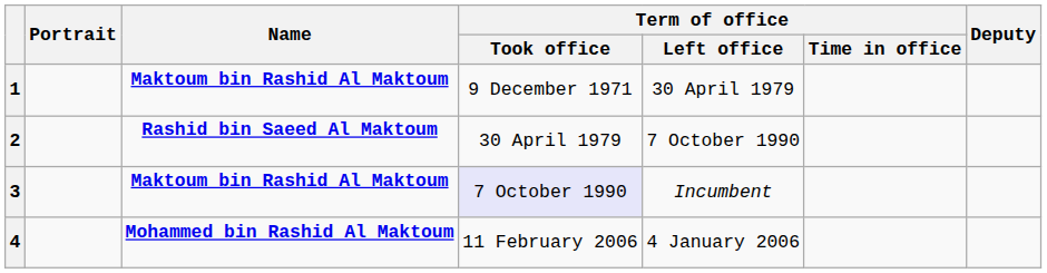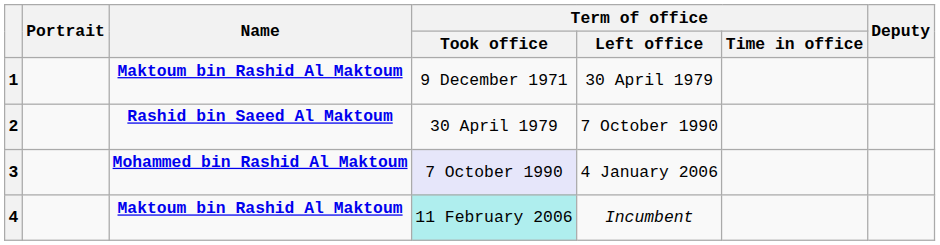 <table class="wikitable" style="text-align:center">
 <tr>
 <th rowspan="2"></th>
 <th rowspan="2">Portrait</th>
 <th rowspan="2">Name</th>
 <th colspan="3">Term of office</th>
 <th rowspan="2">Deputy</th>
 </tr>
 <tr>
 <th>Took office</th>
 <th>Left office</th>
 <th>Time in office</th>
 </tr>
 <tr>
 <th>1</th>
 <td></td>
 <td><strong><a href='#'>Maktoum bin Rashid Al Maktoum</a></strong><br><br></td>
 <td>9 December 1971</td>
 <td>30 April 1979</td>
 <td></td>
 <td></td>
 </tr>
 <tr>
 <th>2</th>
 <td></td>
 <td><strong><a href='#'>Rashid bin Saeed Al Maktoum</a></strong><br><br></td>
 <td>30 April 1979</td>
 <td>7 October 1990<br></td>
 <td></td>
 <td></td>
 </tr>
 <tr>
 <th>3</th>
 <td></td>
-<td><strong><a href='#'>Maktoum bin Rashid Al Maktoum</a></strong><br><br></td>
+<td><strong><a href='#'>Mohammed bin Rashid Al Maktoum</a></strong><br><br></td>
 <td style="background: lavender;">7 October 1990</td>
-<td><em>Incumbent</em></td>
+<td>4 January 2006<br></td>
 <td></td>
 <td></td>
 </tr>
 <tr>
 <th>4</th>
 <td></td>
-<td><strong><a href='#'>Mohammed bin Rashid Al Maktoum</a></strong><br><br></td>
-<td>11 February 2006</td>
-<td>4 January 2006<br></td>
+<td><strong><a href='#'>Maktoum bin Rashid Al Maktoum</a></strong><br><br></td>
+<td style="background: paleturquoise;">11 February 2006</td>
+<td><em>Incumbent</em></td>
 <td></td>
 <td></td>
 </tr>
 </table>
